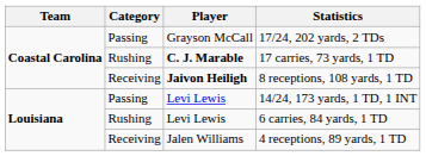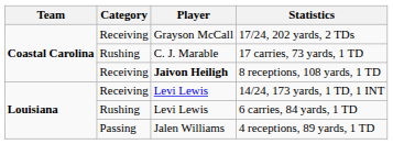 <table class="wikitable" style="float: left;">
 <tr>
 <th>Team</th>
 <th>Category</th>
 <th>Player</th>
 <th>Statistics</th>
 </tr>
 <tr>
 <td rowspan=3><strong>Coastal Carolina</strong></td>
-<td>Passing</td>
+<td>Receiving</td>
 <td>Grayson McCall</td>
 <td>17/24, 202 yards, 2 TDs</td>
 </tr>
 <tr>
 <td>Rushing</td>
-<td><strong>C. J. Marable</strong></td>
+<td>C. J. Marable</td>
 <td>17 carries, 73 yards, 1 TD</td>
 </tr>
 <tr>
 <td>Receiving</td>
 <td><strong>Jaivon Heiligh</strong></td>
 <td>8 receptions, 108 yards, 1 TD</td>
 </tr>
 <tr>
 <td rowspan=3><strong>Louisiana</strong></td>
-<td>Passing</td>
+<td>Receiving</td>
 <td><a href='#'>Levi Lewis</a></td>
 <td>14/24, 173 yards, 1 TD, 1 INT</td>
 </tr>
 <tr>
 <td>Rushing</td>
 <td>Levi Lewis</td>
 <td>6 carries, 84 yards, 1 TD</td>
 </tr>
 <tr>
-<td>Receiving</td>
+<td>Passing</td>
 <td>Jalen Williams</td>
 <td>4 receptions, 89 yards, 1 TD</td>
 </tr>
 </table>
